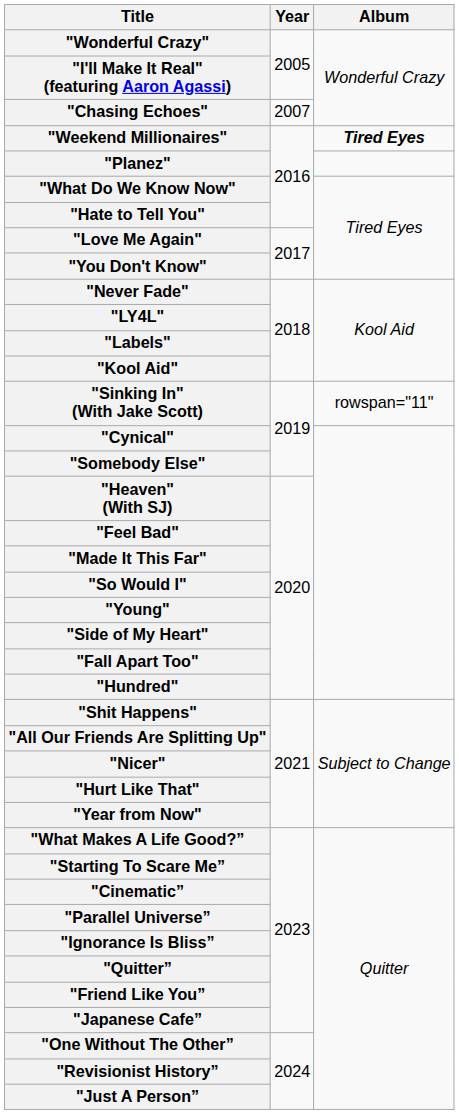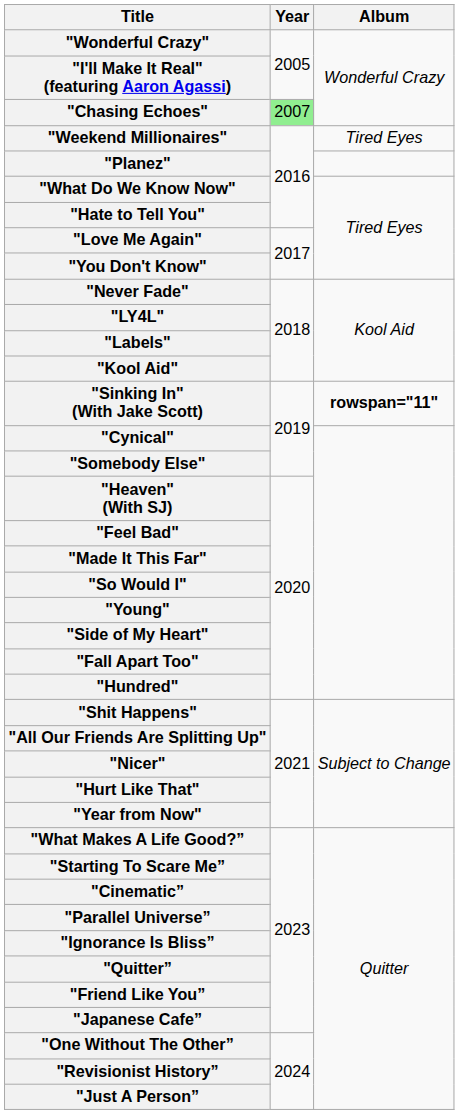 <table class="wikitable plainrowheaders" style="text-align:center">
 <tr>
 <th scope="col" style="width:16em;">Title</th>
 <th scope="col">Year</th>
 <th scope="col">Album</th>
 </tr>
 <tr>
 <th scope="row">"Wonderful Crazy"</th>
 <td rowspan="2">2005</td>
 <td rowspan="3"><em>Wonderful Crazy</em></td>
 </tr>
 <tr>
 <th scope="row">"I'll Make It Real"<br><span>(featuring <a href='#'>Aaron Agassi</a>)</span></th>
 </tr>
 <tr>
 <th scope="row">"Chasing Echoes"</th>
-<td>2007</td>
+<td style="background: lightgreen;">2007</td>
 </tr>
 <tr>
 <th scope="row">"Weekend Millionaires"</th>
 <td rowspan="4">2016</td>
-<td><strong><em>Tired Eyes</em></strong></td>
+<td><em>Tired Eyes</em></td>
 </tr>
 <tr>
 <th scope="row">"Planez"</th>
 <td></td>
 </tr>
 <tr>
 <th scope="row">"What Do We Know Now"</th>
 <td rowspan="4"><em>Tired Eyes</em></td>
 </tr>
 <tr>
 <th scope="row">"Hate to Tell You"</th>
 </tr>
 <tr>
 <th scope="row">"Love Me Again"</th>
 <td rowspan="2">2017</td>
 </tr>
 <tr>
 <th scope="row">"You Don't Know"</th>
 </tr>
 <tr>
 <th scope="row">"Never Fade"</th>
 <td rowspan="4">2018</td>
 <td rowspan="4"><em>Kool Aid</em></td>
 </tr>
 <tr>
 <th scope="row">"LY4L"</th>
 </tr>
 <tr>
 <th scope="row">"Labels"</th>
 </tr>
 <tr>
 <th scope="row">"Kool Aid"</th>
 </tr>
 <tr>
 <th scope="row">"Sinking In"<br><span>(With Jake Scott)</span></th>
 <td rowspan="3">2019</td>
-<td>rowspan="11" </td>
+<td><strong>rowspan="11" </strong></td>
 </tr>
 <tr>
 <th scope="row">"Cynical"</th>
 </tr>
 <tr>
 <th scope="row">"Somebody Else"</th>
 </tr>
 <tr>
 <th scope="row">"Heaven"<br><span>(With SJ)</span></th>
 <td rowspan="8">2020</td>
 </tr>
 <tr>
 <th scope="row">"Feel Bad"</th>
 </tr>
 <tr>
 <th scope="row">"Made It This Far"</th>
 </tr>
 <tr>
 <th scope="row">"So Would I"</th>
 </tr>
 <tr>
 <th scope="row">"Young"</th>
 </tr>
 <tr>
 <th scope="row">"Side of My Heart"</th>
 </tr>
 <tr>
 <th scope="row">"Fall Apart Too"</th>
 </tr>
 <tr>
 <th scope="row">"Hundred"</th>
 </tr>
 <tr>
 <th scope="row">"Shit Happens"</th>
 <td rowspan="5">2021</td>
 <td rowspan="5"><em>Subject to Change</em></td>
 </tr>
 <tr>
 <th scope="row">"All Our Friends Are Splitting Up"</th>
 </tr>
 <tr>
 <th scope="row">"Nicer"</th>
 </tr>
 <tr>
 <th scope="row">"Hurt Like That"</th>
 </tr>
 <tr>
 <th scope="row">"Year from Now"</th>
 </tr>
 <tr>
 <th scope="row">"What Makes A Life Good?”</th>
 <td rowspan="8">2023</td>
 <td rowspan="11"><em>Quitter</em></td>
 </tr>
 <tr>
 <th scope="row">"Starting To Scare Me”</th>
 </tr>
 <tr>
 <th scope="row">"Cinematic”</th>
 </tr>
 <tr>
 <th scope="row">"Parallel Universe”</th>
 </tr>
 <tr>
 <th scope="row">"Ignorance Is Bliss”</th>
 </tr>
 <tr>
 <th scope="row">"Quitter”</th>
 </tr>
 <tr>
 <th scope="row">"Friend Like You”</th>
 </tr>
 <tr>
 <th scope="row">"Japanese Cafe”</th>
 </tr>
 <tr>
 <th scope="row">"One Without The Other”</th>
 <td rowspan="3">2024</td>
 </tr>
 <tr>
 <th scope="row">"Revisionist History”</th>
 </tr>
 <tr>
 <th scope="row">"Just A Person”</th>
 </tr>
 </table>
